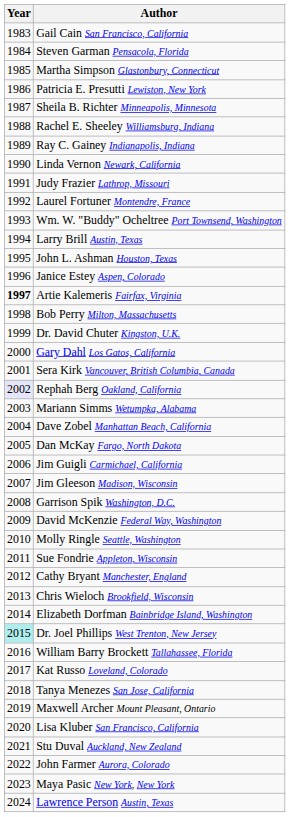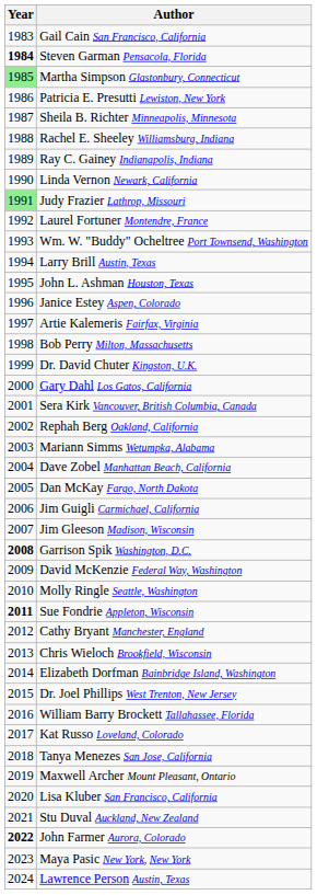 <table class="wikitable">
 <tr>
 <th>Year</th>
 <th>Author</th>
 </tr>
 <tr>
 <td>1983</td>
 <td>Gail Cain <small><em><a href='#'>San Francisco, California</a></em></small></td>
 </tr>
 <tr>
-<td>1984</td>
+<td><strong>1984</strong></td>
 <td>Steven Garman <small><em><a href='#'>Pensacola, Florida</a></em></small></td>
 </tr>
 <tr>
-<td>1985</td>
+<td style="background: lightgreen;">1985</td>
 <td>Martha Simpson <small><em><a href='#'>Glastonbury, Connecticut</a></em></small></td>
 </tr>
 <tr>
 <td>1986</td>
 <td>Patricia E. Presutti <small><em><a href='#'>Lewiston, New York</a></em></small></td>
 </tr>
 <tr>
 <td>1987</td>
 <td>Sheila B. Richter <small><em><a href='#'>Minneapolis, Minnesota</a></em></small></td>
 </tr>
 <tr>
 <td>1988</td>
 <td>Rachel E. Sheeley <small><em><a href='#'>Williamsburg, Indiana</a></em></small></td>
 </tr>
 <tr>
 <td>1989</td>
 <td>Ray C. Gainey <small><em><a href='#'>Indianapolis, Indiana</a></em></small></td>
 </tr>
 <tr>
 <td>1990</td>
 <td>Linda Vernon <small><em><a href='#'>Newark, California</a></em></small></td>
 </tr>
 <tr>
-<td>1991</td>
+<td style="background: lightgreen;">1991</td>
 <td>Judy Frazier <small><em><a href='#'>Lathrop, Missouri</a></em></small></td>
 </tr>
 <tr>
 <td>1992</td>
 <td>Laurel Fortuner <small><em><a href='#'>Montendre, France</a></em></small></td>
 </tr>
 <tr>
 <td>1993</td>
 <td>Wm. W. "Buddy" Ocheltree <small><em><a href='#'>Port Townsend, Washington</a></em></small></td>
 </tr>
 <tr>
 <td>1994</td>
 <td>Larry Brill <small><em><a href='#'>Austin, Texas</a></em></small></td>
 </tr>
 <tr>
 <td>1995</td>
 <td>John L. Ashman <small><em><a href='#'>Houston, Texas</a></em></small></td>
 </tr>
 <tr>
 <td>1996</td>
 <td>Janice Estey <small><em><a href='#'>Aspen, Colorado</a></em></small></td>
 </tr>
 <tr>
-<td><strong>1997</strong></td>
+<td>1997</td>
 <td>Artie Kalemeris <small><em><a href='#'>Fairfax, Virginia</a></em></small></td>
 </tr>
 <tr>
 <td>1998</td>
 <td>Bob Perry <small><em><a href='#'>Milton, Massachusetts</a></em></small></td>
 </tr>
 <tr>
 <td>1999</td>
 <td>Dr. David Chuter <small><em><a href='#'>Kingston, U.K.</a></em></small></td>
 </tr>
 <tr>
 <td>2000</td>
 <td><a href='#'>Gary Dahl</a> <small><em><a href='#'>Los Gatos, California</a></em></small></td>
 </tr>
 <tr>
 <td>2001</td>
 <td>Sera Kirk <small><em><a href='#'>Vancouver, British Columbia, Canada</a></em></small></td>
 </tr>
 <tr>
-<td style="background: lavender;">2002</td>
+<td>2002</td>
 <td>Rephah Berg <small><em><a href='#'>Oakland, California</a></em></small></td>
 </tr>
 <tr>
 <td>2003</td>
 <td>Mariann Simms <small><em><a href='#'>Wetumpka, Alabama</a></em></small></td>
 </tr>
 <tr>
 <td>2004</td>
 <td>Dave Zobel <small><em><a href='#'>Manhattan Beach, California</a></em></small></td>
 </tr>
 <tr>
 <td>2005</td>
 <td>Dan McKay <small><em><a href='#'>Fargo, North Dakota</a></em></small></td>
 </tr>
 <tr>
 <td>2006</td>
 <td>Jim Guigli <small><em><a href='#'>Carmichael, California</a></em></small></td>
 </tr>
 <tr>
 <td>2007</td>
 <td>Jim Gleeson <small><em><a href='#'>Madison, Wisconsin</a></em></small></td>
 </tr>
 <tr>
-<td>2008</td>
+<td><strong>2008</strong></td>
 <td>Garrison Spik <small><em><a href='#'>Washington, D.C.</a></em></small></td>
 </tr>
 <tr>
 <td>2009</td>
 <td>David McKenzie <small><em><a href='#'>Federal Way, Washington</a></em></small></td>
 </tr>
 <tr>
 <td>2010</td>
 <td>Molly Ringle <small><em><a href='#'>Seattle, Washington</a></em></small></td>
 </tr>
 <tr>
-<td>2011</td>
+<td><strong>2011</strong></td>
 <td>Sue Fondrie <small><em><a href='#'>Appleton, Wisconsin</a></em></small></td>
 </tr>
 <tr>
 <td>2012</td>
 <td>Cathy Bryant <small><em><a href='#'>Manchester, England</a></em></small></td>
 </tr>
 <tr>
 <td>2013</td>
 <td>Chris Wieloch <small><em><a href='#'>Brookfield, Wisconsin</a></em></small></td>
 </tr>
 <tr>
 <td>2014</td>
 <td>Elizabeth Dorfman <small><em><a href='#'>Bainbridge Island, Washington</a></em></small></td>
 </tr>
 <tr>
-<td style="background: paleturquoise;">2015</td>
+<td>2015</td>
 <td>Dr. Joel Phillips <small><em><a href='#'>West Trenton, New Jersey</a></em></small></td>
 </tr>
 <tr>
 <td>2016</td>
 <td>William Barry Brockett <small><em><a href='#'>Tallahassee, Florida</a></em></small></td>
 </tr>
 <tr>
 <td>2017</td>
 <td>Kat Russo <small><em><a href='#'>Loveland, Colorado</a></em></small></td>
 </tr>
 <tr>
 <td>2018</td>
 <td>Tanya Menezes <small><em><a href='#'>San Jose, California</a></em></small></td>
 </tr>
 <tr>
 <td>2019</td>
 <td>Maxwell Archer <small><em>Mount Pleasant, Ontario</em></small></td>
 </tr>
 <tr>
 <td>2020</td>
 <td>Lisa Kluber <small><em><a href='#'>San Francisco, California</a></em></small></td>
 </tr>
 <tr>
 <td>2021</td>
 <td>Stu Duval <small><em><a href='#'>Auckland, New Zealand</a></em></small></td>
 </tr>
 <tr>
-<td>2022</td>
+<td><strong>2022</strong></td>
 <td>John Farmer <small><em><a href='#'>Aurora, Colorado</a></em></small></td>
 </tr>
 <tr>
 <td>2023</td>
 <td>Maya Pasic <small><em><a href='#'>New York</a>, <a href='#'>New York</a></em></small></td>
 </tr>
 <tr>
 <td>2024</td>
 <td><a href='#'>Lawrence Person</a> <small><em><a href='#'>Austin, Texas</a></em></small></td>
 </tr>
 </table>
